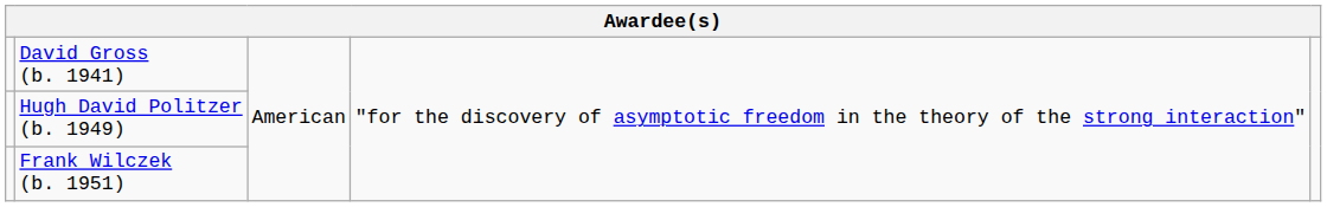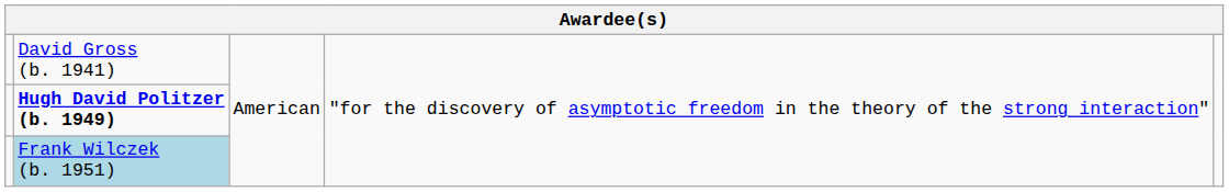 <table class="wikitable">
 <tr>
 <th colspan="5">Awardee(s)</th>
 </tr>
 <tr>
 <td></td>
 <td><a href='#'>David Gross</a><br>(b. 1941)</td>
 <td rowspan="3"> American</td>
 <td rowspan="3">"for the discovery of <a href='#'>asymptotic freedom</a> in the theory of the <a href='#'>strong interaction</a>"</td>
 <td rowspan="3"></td>
 </tr>
 <tr>
 <td></td>
-<td><a href='#'>Hugh David Politzer</a><br>(b. 1949)</td>
+<td><strong><a href='#'>Hugh David Politzer</a><br>(b. 1949)</strong></td>
 </tr>
 <tr>
 <td></td>
-<td><a href='#'>Frank Wilczek</a><br>(b. 1951)</td>
+<td style="background: lightblue;"><a href='#'>Frank Wilczek</a><br>(b. 1951)</td>
 </tr>
 </table>
